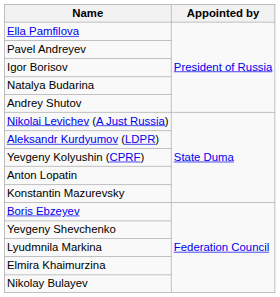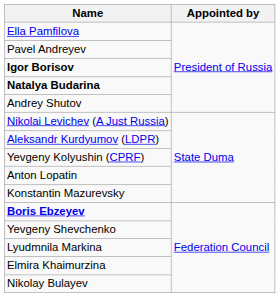 <table class="wikitable">
 <tr>
 <th>Name</th>
 <th>Appointed by</th>
 </tr>
 <tr>
 <td><a href='#'>Ella Pamfilova</a></td>
 <td rowspan="5"><a href='#'>President of Russia</a></td>
 </tr>
 <tr>
 <td>Pavel Andreyev</td>
 </tr>
 <tr>
-<td>Igor Borisov</td>
+<td><strong>Igor Borisov</strong></td>
 </tr>
 <tr>
-<td>Natalya Budarina</td>
+<td><strong>Natalya Budarina</strong></td>
 </tr>
 <tr>
 <td>Andrey Shutov</td>
 </tr>
 <tr>
 <td><a href='#'>Nikolai Levichev</a> (<a href='#'>A Just Russia</a>)</td>
 <td rowspan="5"><a href='#'>State Duma</a></td>
 </tr>
 <tr>
 <td><a href='#'>Aleksandr Kurdyumov</a> (<a href='#'>LDPR</a>)</td>
 </tr>
 <tr>
 <td>Yevgeny Kolyushin (<a href='#'>CPRF</a>)</td>
 </tr>
 <tr>
 <td>Anton Lopatin</td>
 </tr>
 <tr>
 <td>Konstantin Mazurevsky</td>
 </tr>
 <tr>
-<td><a href='#'>Boris Ebzeyev</a></td>
+<td><strong><a href='#'>Boris Ebzeyev</a></strong></td>
 <td rowspan="5"><a href='#'>Federation Council</a></td>
 </tr>
 <tr>
 <td>Yevgeny Shevchenko</td>
 </tr>
 <tr>
 <td>Lyudmnila Markina</td>
 </tr>
 <tr>
 <td>Elmira Khaimurzina</td>
 </tr>
 <tr>
 <td>Nikolay Bulayev</td>
 </tr>
 </table>
